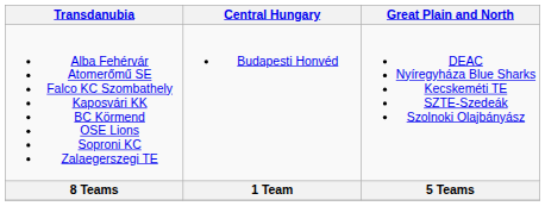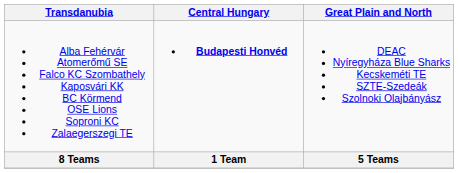 <table class="wikitable" style="clear:right;white-space:nowrap;">
 <tr>
 <th width="33%"><a href='#'>Transdanubia</a></th>
 <th width="33%"><a href='#'>Central Hungary</a></th>
 <th width="33%"><a href='#'>Great Plain and North</a></th>
 </tr>
 <tr align="center" valign="top">
 <td><br><ul><li><a href='#'>Alba Fehérvár</a></li><li><a href='#'>Atomerőmű SE</a></li><li><a href='#'>Falco KC Szombathely</a></li><li><a href='#'>Kaposvári KK</a></li><li><a href='#'>BC Körmend</a></li><li><a href='#'>OSE Lions</a></li><li><a href='#'>Soproni KC</a></li><li><a href='#'>Zalaegerszegi TE</a></li></ul></td>
-<td><br><ul><li><a href='#'>Budapesti Honvéd</a></li></ul></td>
+<td><strong><br><ul><li><a href='#'>Budapesti Honvéd</a></li></ul></strong></td>
 <td><br><ul><li><a href='#'>DEAC</a></li><li><a href='#'>Nyíregyháza Blue Sharks</a></li><li><a href='#'>Kecskeméti TE</a></li><li><a href='#'>SZTE-Szedeák</a></li><li><a href='#'>Szolnoki Olajbányász</a></li></ul></td>
 </tr>
 <tr>
 <th>8 Teams</th>
 <th>1 Team</th>
 <th>5 Teams</th>
 </tr>
 <tr>
 </tr>
 </table>
